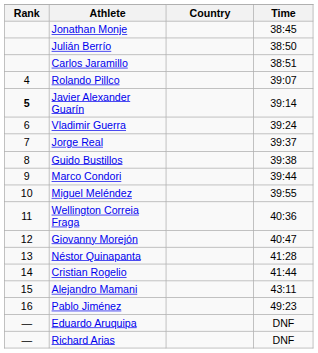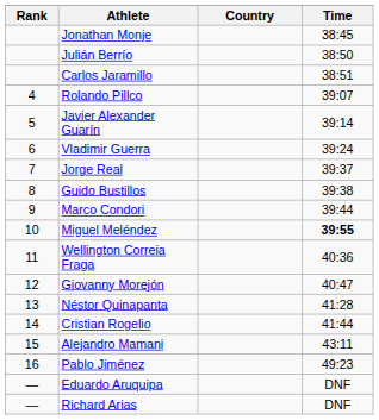 <table class="wikitable sortable" style=" text-align:center; font-size:95%;" width="50%">
 <tr>
 </tr>
 <tr>
 <th width=5%>Rank</th>
 <th width=20%>Athlete</th>
 <th width=15%>Country</th>
 <th width=10%>Time</th>
 </tr>
 <tr>
 <td align=center></td>
 <td align=left><a href='#'>Jonathan Monje</a></td>
 <td align=left></td>
 <td>38:45</td>
 </tr>
 <tr>
 <td align=center></td>
 <td align=left><a href='#'>Julián Berrío</a></td>
 <td align=left></td>
 <td>38:50</td>
 </tr>
 <tr>
 <td align=center></td>
 <td align=left><a href='#'>Carlos Jaramillo</a></td>
 <td align=left></td>
 <td>38:51</td>
 </tr>
 <tr>
 <td align=center>4</td>
 <td align=left><a href='#'>Rolando Pillco</a></td>
 <td align=left></td>
 <td>39:07</td>
 </tr>
 <tr>
-<td align=center><strong>5</strong></td>
+<td align=center>5</td>
 <td align=left><a href='#'>Javier Alexander Guarín</a></td>
 <td align=left></td>
 <td>39:14</td>
 </tr>
 <tr>
 <td align=center>6</td>
 <td align=left><a href='#'>Vladimir Guerra</a></td>
 <td align=left></td>
 <td>39:24</td>
 </tr>
 <tr>
 <td align=center>7</td>
 <td align=left><a href='#'>Jorge Real</a></td>
 <td align=left></td>
 <td>39:37</td>
 </tr>
 <tr>
 <td align=center>8</td>
 <td align=left><a href='#'>Guido Bustillos</a></td>
 <td align=left></td>
 <td>39:38</td>
 </tr>
 <tr>
 <td align=center>9</td>
 <td align=left><a href='#'>Marco Condori</a></td>
 <td align=left></td>
 <td>39:44</td>
 </tr>
 <tr>
 <td align=center>10</td>
 <td align=left><a href='#'>Miguel Meléndez</a></td>
 <td align=left></td>
-<td>39:55</td>
+<td><strong>39:55</strong></td>
 </tr>
 <tr>
 <td align=center>11</td>
 <td align=left><a href='#'>Wellington Correia Fraga</a></td>
 <td align=left></td>
 <td>40:36</td>
 </tr>
 <tr>
 <td align=center>12</td>
 <td align=left><a href='#'>Giovanny Morejón</a></td>
 <td align=left></td>
 <td>40:47</td>
 </tr>
 <tr>
 <td align=center>13</td>
 <td align=left><a href='#'>Néstor Quinapanta</a></td>
 <td align=left></td>
 <td>41:28</td>
 </tr>
 <tr>
 <td align=center>14</td>
 <td align=left><a href='#'>Cristian Rogelio</a></td>
 <td align=left></td>
 <td>41:44</td>
 </tr>
 <tr>
 <td align=center>15</td>
 <td align=left><a href='#'>Alejandro Mamani</a></td>
 <td align=left></td>
 <td>43:11</td>
 </tr>
 <tr>
 <td align=center>16</td>
 <td align=left><a href='#'>Pablo Jiménez</a></td>
 <td align=left></td>
 <td>49:23</td>
 </tr>
 <tr>
 <td align=center>—</td>
 <td align=left><a href='#'>Eduardo Aruquipa</a></td>
 <td align=left></td>
 <td>DNF</td>
 </tr>
 <tr>
 <td align=center>—</td>
 <td align=left><a href='#'>Richard Arias</a></td>
 <td align=left></td>
 <td>DNF</td>
 </tr>
 </table>
